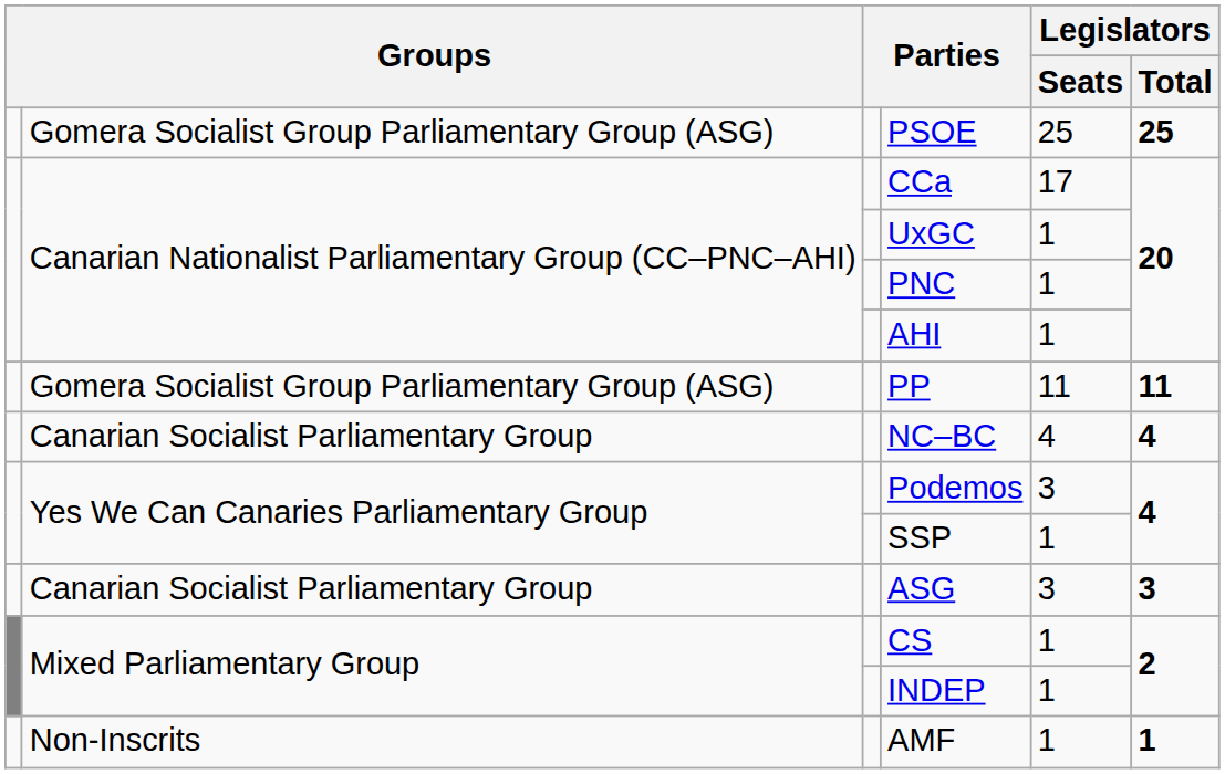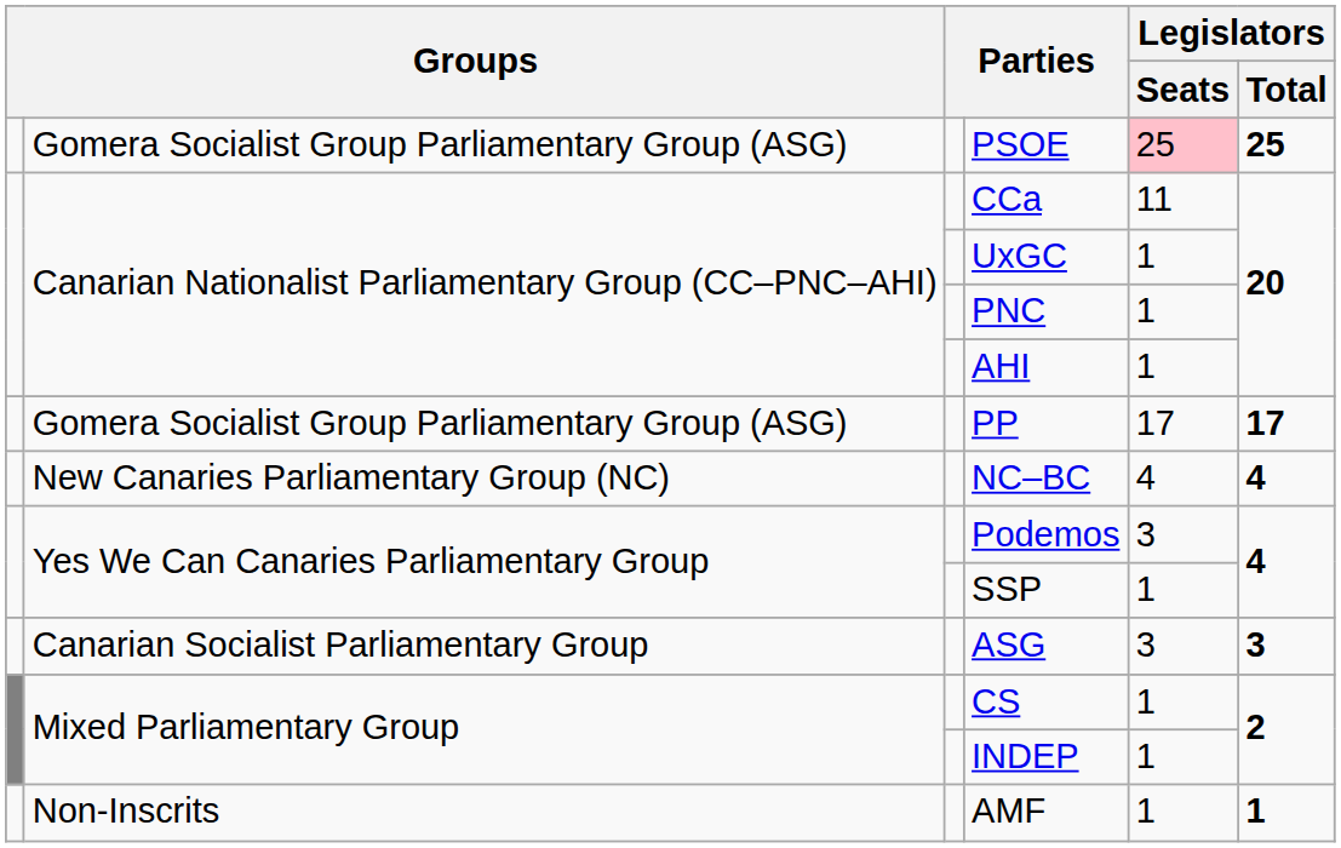 <table class="wikitable" style="text-align:left;">
 <tr>
 <th rowspan="2" colspan="2">Groups</th>
 <th rowspan="2" colspan="2">Parties</th>
 <th colspan="2">Legislators</th>
 </tr>
 <tr>
 <th>Seats</th>
 <th>Total</th>
 </tr>
 <tr>
 <td width="1" style="color:inherit;background:"></td>
 <td>Gomera Socialist Group Parliamentary Group (ASG)</td>
 <td width="1" style="color:inherit;background:"></td>
 <td align="left"><a href='#'>PSOE</a></td>
-<td>25</td>
+<td style="background: pink;">25</td>
 <td><strong>25</strong></td>
 </tr>
 <tr>
 <td rowspan="4" style="color:inherit;background:"></td>
 <td rowspan="4">Canarian Nationalist Parliamentary Group (CC–PNC–AHI)</td>
 <td style="color:inherit;background:"></td>
 <td align="left"><a href='#'>CCa</a></td>
-<td>17</td>
+<td>11</td>
 <td rowspan="4"><strong>20</strong></td>
 </tr>
 <tr>
 <td style="color:inherit;background:"></td>
 <td align="left"><a href='#'>UxGC</a></td>
 <td>1</td>
 </tr>
 <tr>
 <td style="color:inherit;background:"></td>
 <td align="left"><a href='#'>PNC</a></td>
 <td>1</td>
 </tr>
 <tr>
 <td style="color:inherit;background:"></td>
 <td align="left"><a href='#'>AHI</a></td>
 <td>1</td>
 </tr>
 <tr>
 <td style="color:inherit;background:"></td>
 <td>Gomera Socialist Group Parliamentary Group (ASG)</td>
 <td style="color:inherit;background:"></td>
 <td align="left"><a href='#'>PP</a></td>
-<td>11</td>
-<td><strong>11</strong></td>
+<td>17</td>
+<td><strong>17</strong></td>
 </tr>
 <tr>
 <td style="color:inherit;background:"></td>
-<td>Canarian Socialist Parliamentary Group</td>
+<td>New Canaries Parliamentary Group (NC)</td>
 <td style="color:inherit;background:"></td>
 <td align="left"><a href='#'>NC–BC</a></td>
 <td>4</td>
 <td><strong>4</strong></td>
 </tr>
 <tr>
 <td rowspan="2" style="color:inherit;background:"></td>
 <td rowspan="2">Yes We Can Canaries Parliamentary Group</td>
 <td style="color:inherit;background:"></td>
 <td align="left"><a href='#'>Podemos</a></td>
 <td>3</td>
 <td rowspan="2"><strong>4</strong></td>
 </tr>
 <tr>
 <td style="color:inherit;background:"></td>
 <td align="left">SSP</td>
 <td>1</td>
 </tr>
 <tr>
 <td style="color:inherit;background:"></td>
 <td>Canarian Socialist Parliamentary Group</td>
 <td style="color:inherit;background:"></td>
 <td align="left"><a href='#'>ASG</a></td>
 <td>3</td>
 <td><strong>3</strong></td>
 </tr>
 <tr>
 <td rowspan="2" bgcolor="gray"></td>
 <td rowspan="2">Mixed Parliamentary Group</td>
 <td style="color:inherit;background:"></td>
 <td><a href='#'>CS</a></td>
 <td>1</td>
 <td rowspan="2"><strong>2</strong></td>
 </tr>
 <tr>
 <td style="color:inherit;background:"></td>
 <td><a href='#'>INDEP</a></td>
 <td>1</td>
 </tr>
 <tr>
 <td style="color:inherit;background:"></td>
 <td>Non-Inscrits</td>
 <td style="color:inherit;background:"></td>
 <td>AMF</td>
 <td>1</td>
 <td><strong>1</strong></td>
 </tr>
 </table>
